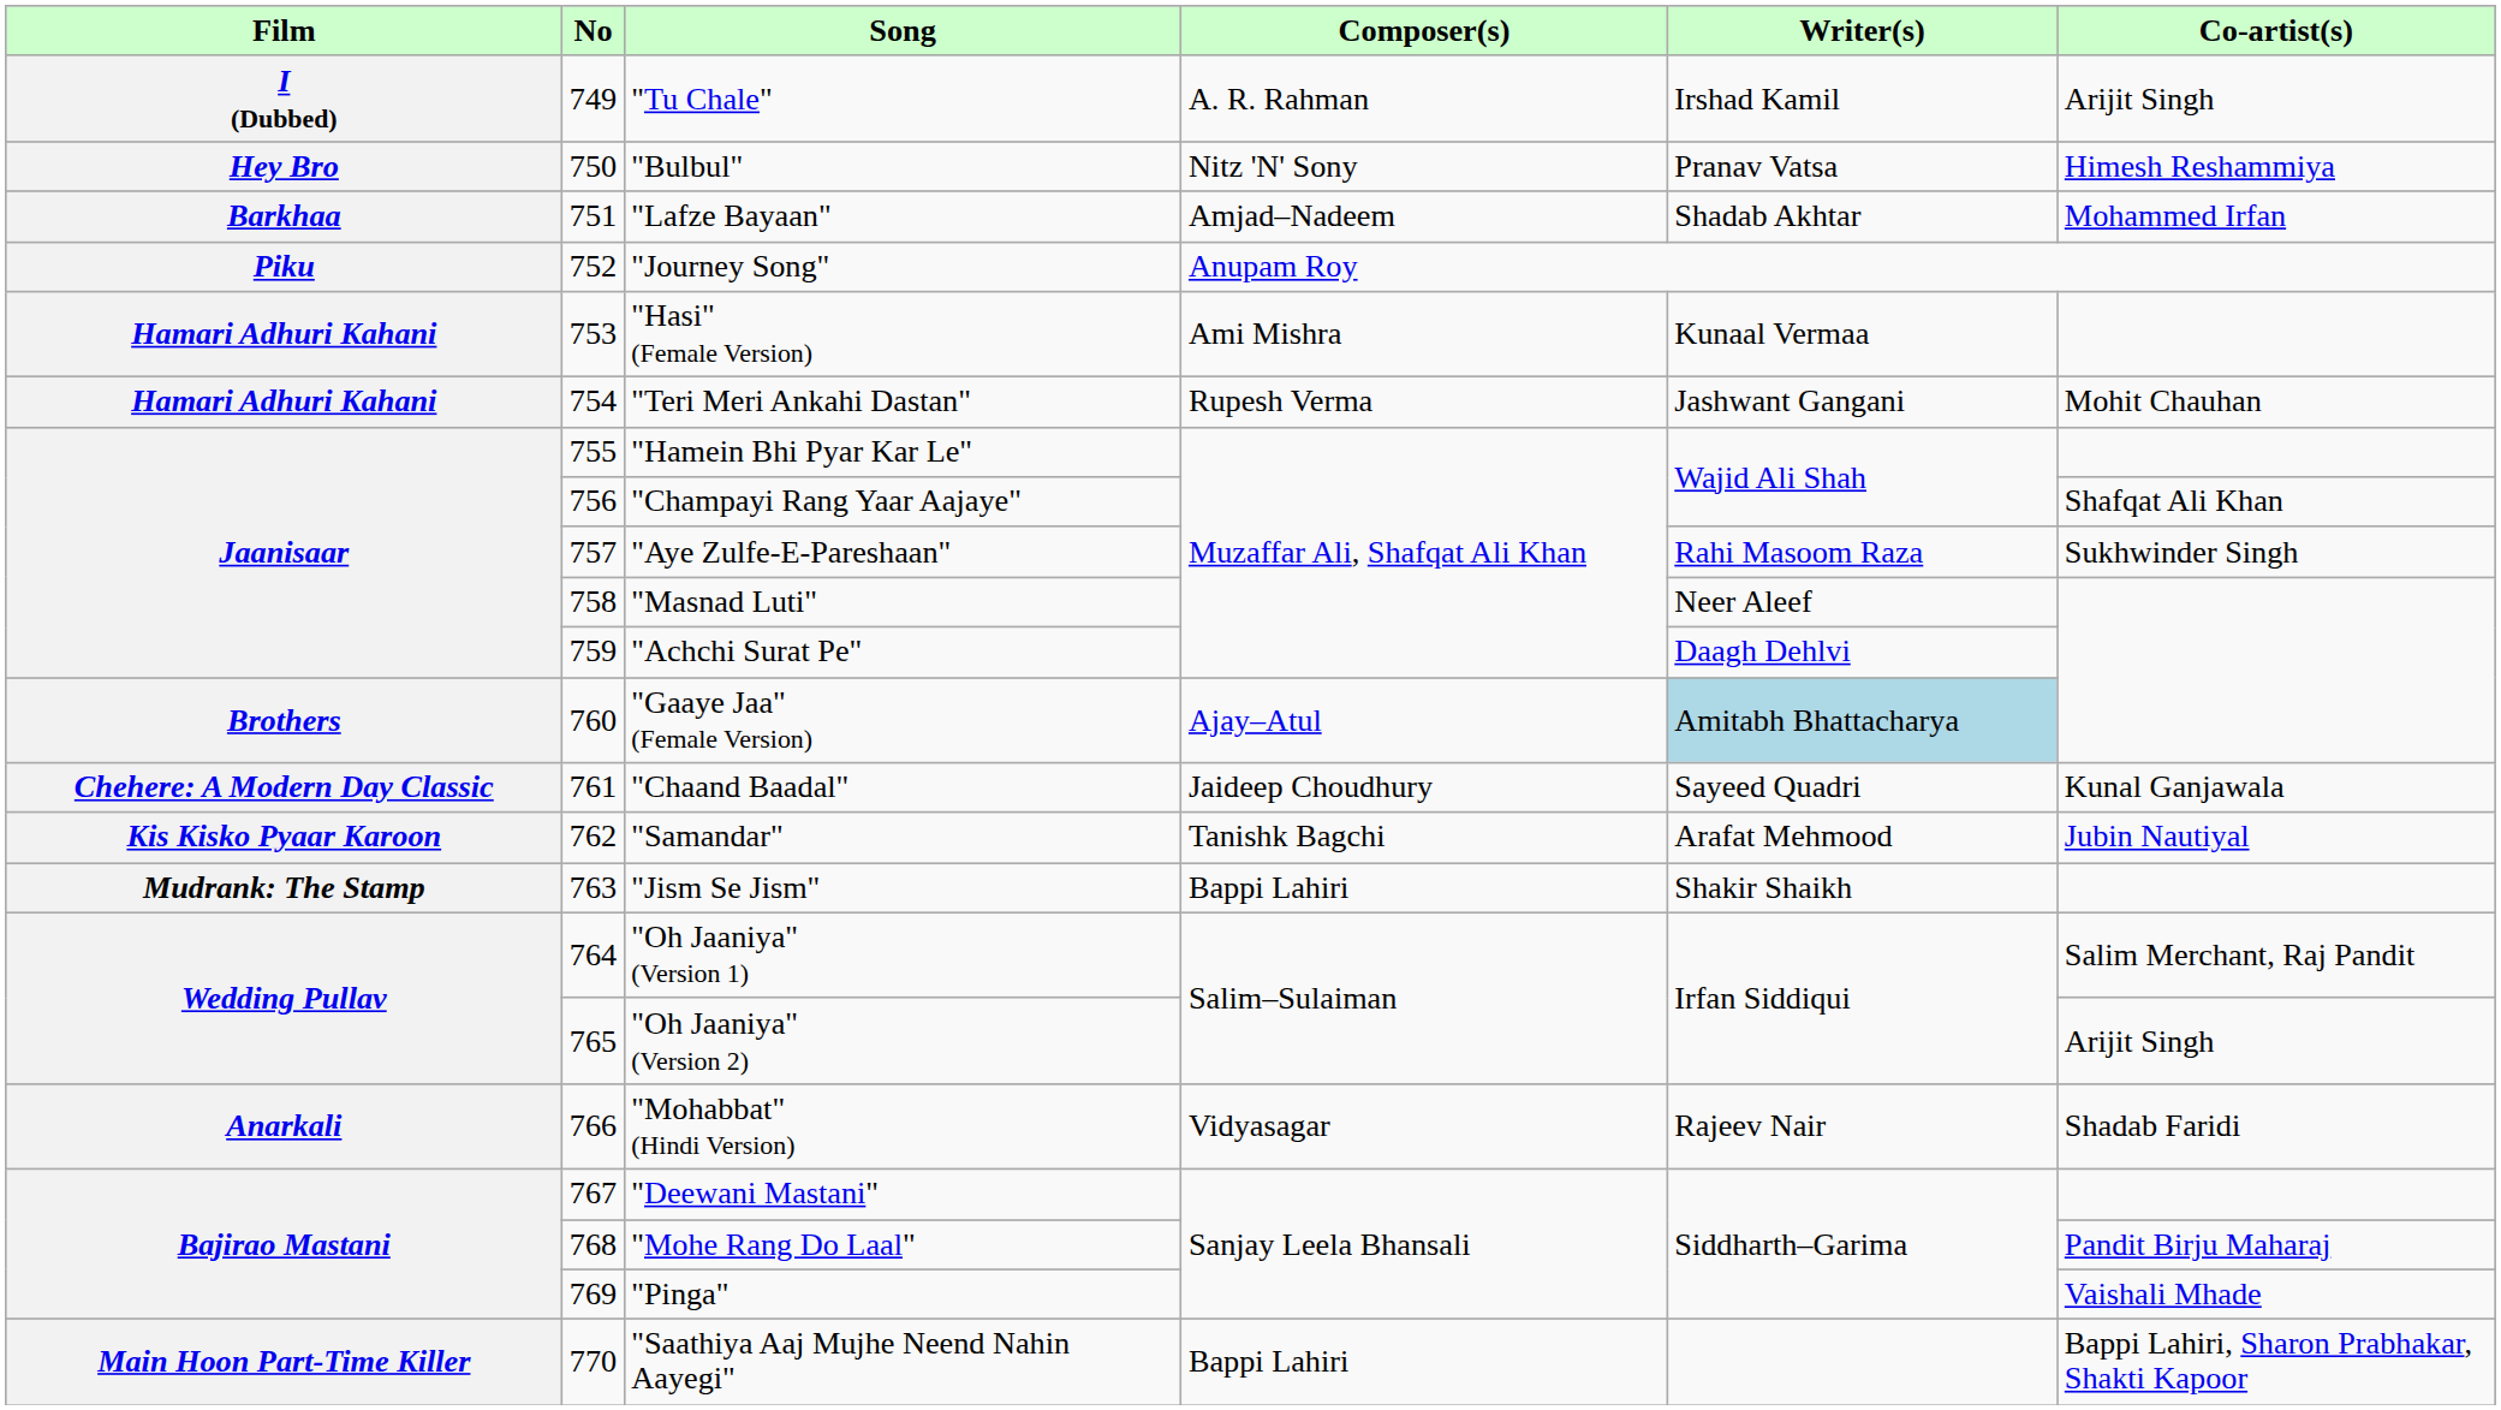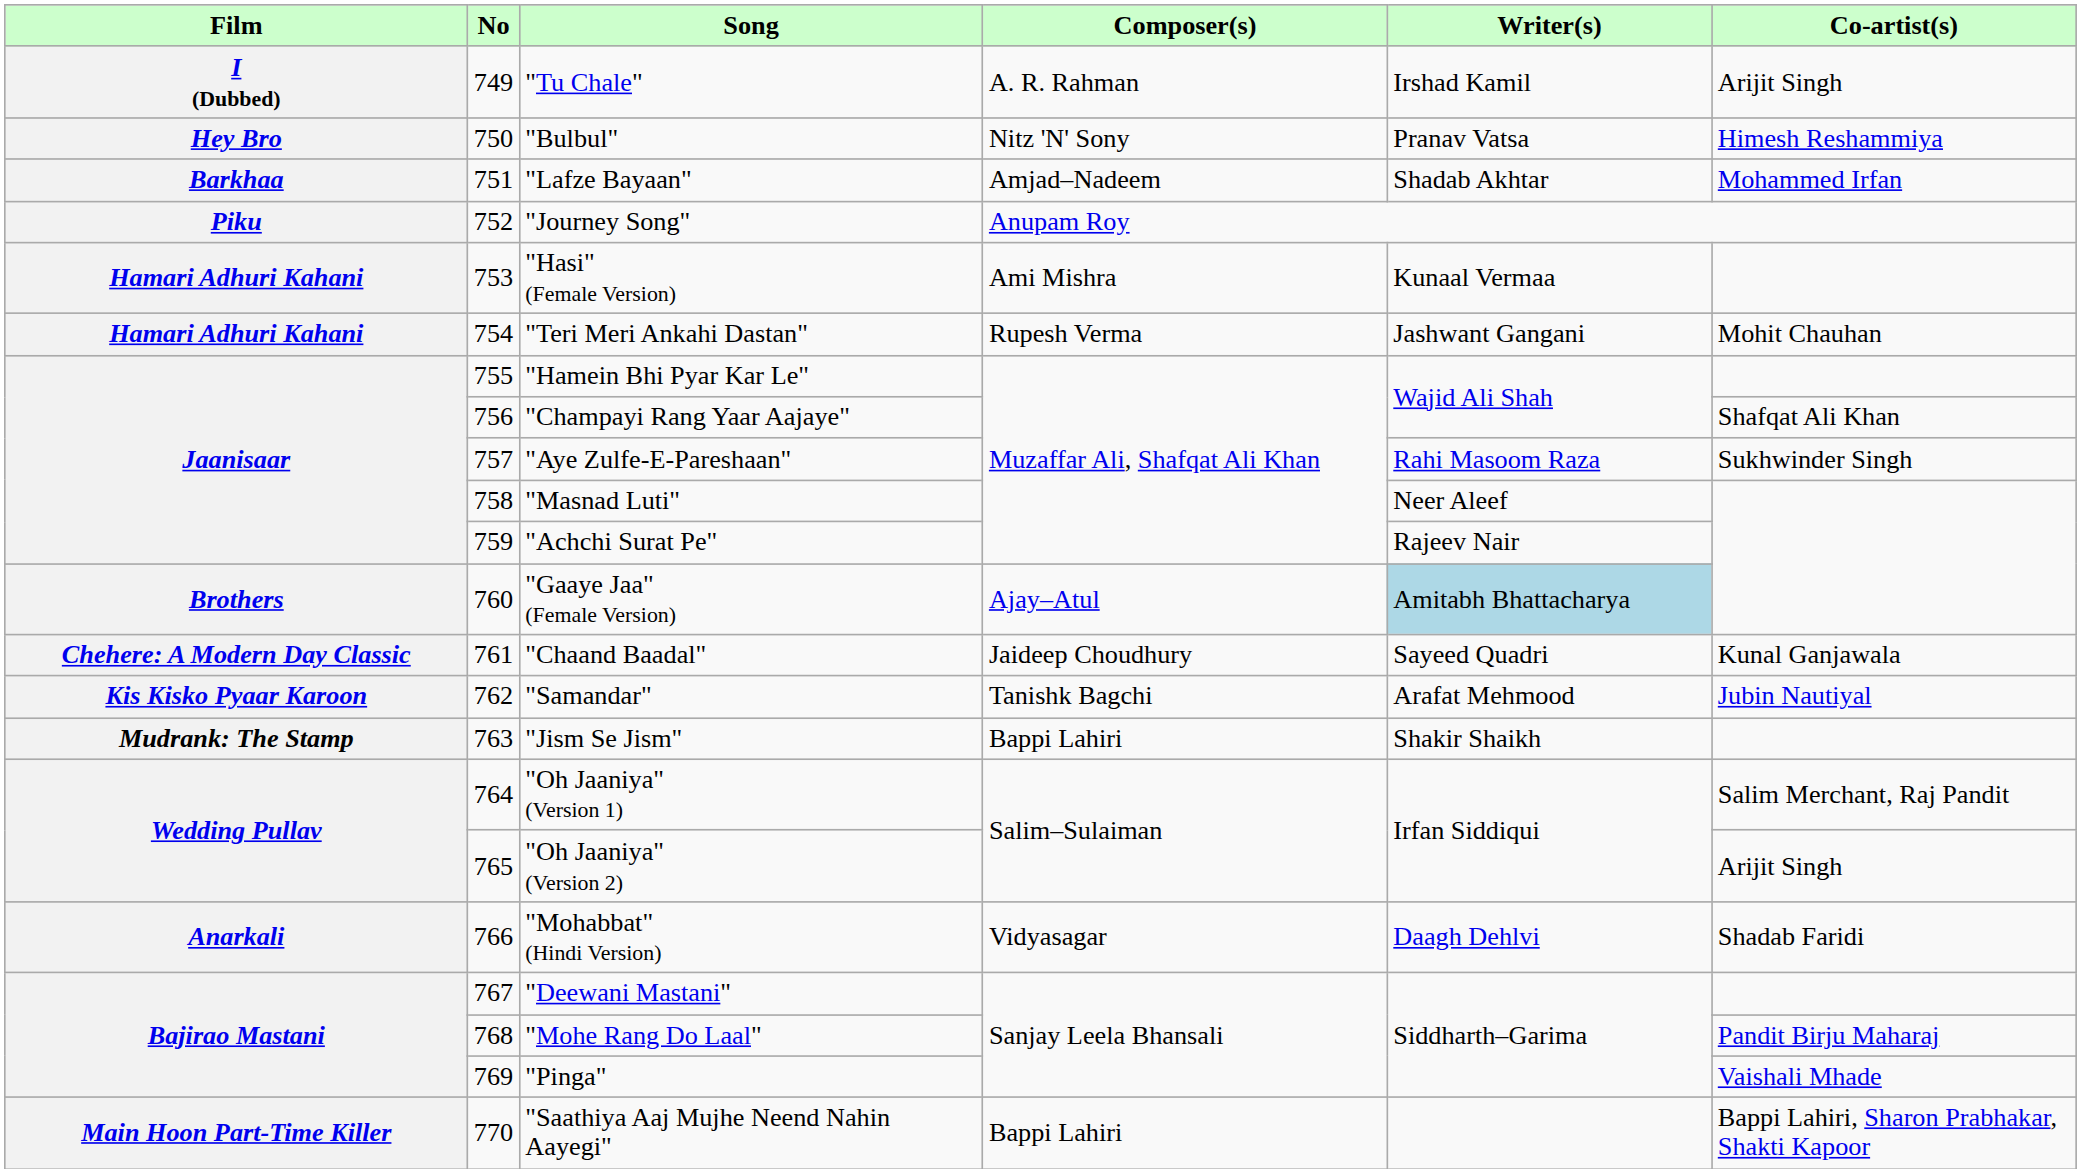 <table class="wikitable plainrowheaders" style="width:100%; textcolor:#000">
 <tr style="background:#cfc; text-align:center;">
 <td scope="col" style="width:23%;"><strong>Film</strong></td>
 <td><strong>No</strong></td>
 <td scope="col" style="width:23%;"><strong>Song</strong></td>
 <td scope="col" style="width:20%;"><strong>Composer(s)</strong></td>
 <td scope="col" style="width:16%;"><strong>Writer(s)</strong></td>
 <td scope="col" style="width:18%;"><strong>Co-artist(s)</strong></td>
 </tr>
 <tr>
 <th scope="row"><em><a href='#'>I</a></em><br><small>(Dubbed)</small></th>
 <td>749</td>
 <td>"<a href='#'>Tu Chale</a>"</td>
 <td>A. R. Rahman</td>
 <td>Irshad Kamil</td>
 <td>Arijit Singh</td>
 </tr>
 <tr>
 <th scope="row"><em><a href='#'>Hey Bro</a></em></th>
 <td>750</td>
 <td>"Bulbul"</td>
 <td>Nitz 'N' Sony</td>
 <td>Pranav Vatsa</td>
 <td><a href='#'>Himesh Reshammiya</a></td>
 </tr>
 <tr>
 <th scope="row"><em><a href='#'>Barkhaa</a></em></th>
 <td>751</td>
 <td>"Lafze Bayaan"</td>
 <td>Amjad–Nadeem</td>
 <td>Shadab Akhtar</td>
 <td><a href='#'>Mohammed Irfan</a></td>
 </tr>
 <tr>
 <th scope="row"><em><a href='#'>Piku</a></em></th>
 <td>752</td>
 <td>"Journey Song"</td>
 <td colspan="3"><a href='#'>Anupam Roy</a></td>
 </tr>
 <tr>
 <th scope="row"><em><a href='#'>Hamari Adhuri Kahani</a></em></th>
 <td>753</td>
 <td>"Hasi"<br><small>(Female Version)</small></td>
 <td>Ami Mishra</td>
 <td>Kunaal Vermaa</td>
 <td></td>
 </tr>
 <tr>
 <th scope="row"><em><a href='#'>Hamari Adhuri Kahani</a></em></th>
 <td>754</td>
 <td>"Teri Meri Ankahi Dastan"</td>
 <td>Rupesh Verma</td>
 <td>Jashwant Gangani</td>
 <td>Mohit Chauhan</td>
 </tr>
 <tr>
 <th scope="row" rowspan="5"><em><a href='#'>Jaanisaar</a></em></th>
 <td>755</td>
 <td>"Hamein Bhi Pyar Kar Le"</td>
 <td rowspan="5"><a href='#'>Muzaffar Ali</a>, <a href='#'>Shafqat Ali Khan</a></td>
 <td rowspan="2"><a href='#'>Wajid Ali Shah</a></td>
 <td></td>
 </tr>
 <tr>
 <td>756</td>
 <td>"Champayi Rang Yaar Aajaye"</td>
 <td>Shafqat Ali Khan</td>
 </tr>
 <tr>
 <td>757</td>
 <td>"Aye Zulfe-E-Pareshaan"</td>
 <td><a href='#'>Rahi Masoom Raza</a></td>
 <td>Sukhwinder Singh</td>
 </tr>
 <tr>
 <td>758</td>
 <td>"Masnad Luti"</td>
 <td>Neer Aleef</td>
 <td rowspan="3"></td>
 </tr>
 <tr>
 <td>759</td>
 <td>"Achchi Surat Pe"</td>
-<td><a href='#'>Daagh Dehlvi</a></td>
+<td>Rajeev Nair</td>
 </tr>
 <tr>
 <th scope="row"><em><a href='#'>Brothers</a></em></th>
 <td>760</td>
 <td>"Gaaye Jaa"<br><small>(Female Version)</small></td>
 <td><a href='#'>Ajay–Atul</a></td>
 <td style="background: lightblue;">Amitabh Bhattacharya</td>
 </tr>
 <tr>
 <th scope="row"><em><a href='#'>Chehere: A Modern Day Classic</a></em></th>
 <td>761</td>
 <td>"Chaand Baadal"</td>
 <td>Jaideep Choudhury</td>
 <td>Sayeed Quadri</td>
 <td>Kunal Ganjawala</td>
 </tr>
 <tr>
 <th scope="row"><em><a href='#'>Kis Kisko Pyaar Karoon</a></em></th>
 <td>762</td>
 <td>"Samandar"</td>
 <td>Tanishk Bagchi</td>
 <td>Arafat Mehmood</td>
 <td><a href='#'>Jubin Nautiyal</a></td>
 </tr>
 <tr>
 <th scope="row"><em>Mudrank: The Stamp</em></th>
 <td>763</td>
 <td>"Jism Se Jism"</td>
 <td>Bappi Lahiri</td>
 <td>Shakir Shaikh</td>
 <td></td>
 </tr>
 <tr>
 <th scope="row" rowspan="2"><em><a href='#'>Wedding Pullav</a></em></th>
 <td>764</td>
 <td>"Oh Jaaniya"<br><small>(Version 1)</small></td>
 <td rowspan="2">Salim–Sulaiman</td>
 <td rowspan="2">Irfan Siddiqui</td>
 <td>Salim Merchant, Raj Pandit</td>
 </tr>
 <tr>
 <td>765</td>
 <td>"Oh Jaaniya"<br><small>(Version 2)</small></td>
 <td>Arijit Singh</td>
 </tr>
 <tr>
 <th scope="row"><em><a href='#'>Anarkali</a></em></th>
 <td>766</td>
 <td>"Mohabbat"<br><small>(Hindi Version)</small></td>
 <td>Vidyasagar</td>
-<td>Rajeev Nair</td>
+<td><a href='#'>Daagh Dehlvi</a></td>
 <td>Shadab Faridi</td>
 </tr>
 <tr>
 <th scope="row" rowspan="3"><em><a href='#'>Bajirao Mastani</a></em></th>
 <td>767</td>
 <td>"<a href='#'>Deewani Mastani</a>"</td>
 <td rowspan="3">Sanjay Leela Bhansali</td>
 <td rowspan="3">Siddharth–Garima</td>
 <td></td>
 </tr>
 <tr>
 <td>768</td>
 <td>"<a href='#'>Mohe Rang Do Laal</a>"</td>
 <td><a href='#'>Pandit Birju Maharaj</a></td>
 </tr>
 <tr>
 <td>769</td>
 <td>"Pinga"</td>
 <td><a href='#'>Vaishali Mhade</a></td>
 </tr>
 <tr>
 <th scope="row"><em><a href='#'>Main Hoon Part-Time Killer</a></em></th>
 <td>770</td>
 <td>"Saathiya Aaj Mujhe Neend Nahin Aayegi"</td>
 <td>Bappi Lahiri</td>
 <td></td>
 <td>Bappi Lahiri, <a href='#'>Sharon Prabhakar</a>, <a href='#'>Shakti Kapoor</a></td>
 </tr>
 </table>
